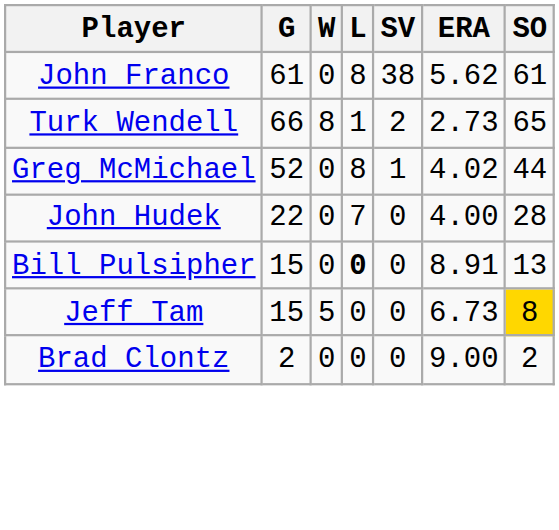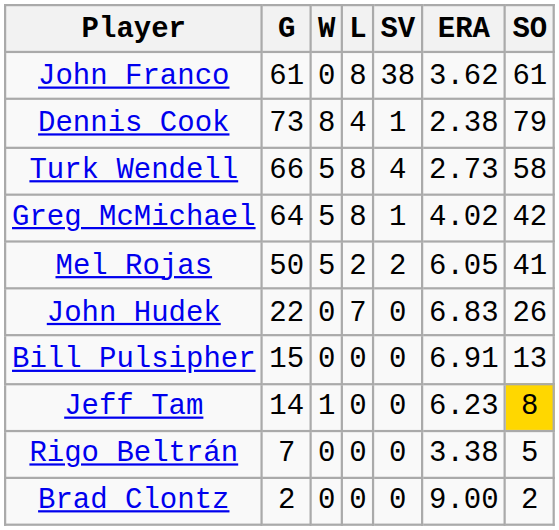 <table class="wikitable sortable">
 <tr>
 <th>Player</th>
 <th>G</th>
 <th>W</th>
 <th>L</th>
 <th>SV</th>
 <th>ERA</th>
 <th>SO</th>
 </tr>
 <tr align="center">
 <td><a href='#'>John Franco</a></td>
 <td>61</td>
 <td>0</td>
 <td>8</td>
 <td>38</td>
-<td>5.62</td>
+<td>3.62</td>
 <td>61</td>
+</tr>
+<tr align=center>
+<td><a href='#'>Dennis Cook</a></td>
+<td>73</td>
+<td>8</td>
+<td>4</td>
+<td>1</td>
+<td>2.38</td>
+<td>79</td>
 </tr>
 <tr align=center>
 <td><a href='#'>Turk Wendell</a></td>
 <td>66</td>
+<td>5</td>
 <td>8</td>
-<td>1</td>
-<td>2</td>
+<td>4</td>
 <td>2.73</td>
-<td>65</td>
+<td>58</td>
 </tr>
 <tr align=center>
 <td><a href='#'>Greg McMichael</a></td>
-<td>52</td>
-<td>0</td>
+<td>64</td>
+<td>5</td>
 <td>8</td>
 <td>1</td>
 <td>4.02</td>
-<td>44</td>
+<td>42</td>
+</tr>
+<tr align=center>
+<td><a href='#'>Mel Rojas</a></td>
+<td>50</td>
+<td>5</td>
+<td>2</td>
+<td>2</td>
+<td>6.05</td>
+<td>41</td>
 </tr>
 <tr align=center>
 <td><a href='#'>John Hudek</a></td>
 <td>22</td>
 <td>0</td>
 <td>7</td>
 <td>0</td>
-<td>4.00</td>
-<td>28</td>
+<td>6.83</td>
+<td>26</td>
 </tr>
 <tr align=center>
 <td><a href='#'>Bill Pulsipher</a></td>
 <td>15</td>
 <td>0</td>
-<td><strong>0</strong></td>
 <td>0</td>
-<td>8.91</td>
+<td>0</td>
+<td>6.91</td>
 <td>13</td>
 </tr>
 <tr align=center>
 <td><a href='#'>Jeff Tam</a></td>
-<td>15</td>
-<td>5</td>
+<td>14</td>
+<td>1</td>
 <td>0</td>
 <td>0</td>
-<td>6.73</td>
+<td>6.23</td>
 <td style="background: gold;">8</td>
+</tr>
+<tr align=center>
+<td><a href='#'>Rigo Beltrán</a></td>
+<td>7</td>
+<td>0</td>
+<td>0</td>
+<td>0</td>
+<td>3.38</td>
+<td>5</td>
 </tr>
 <tr align=center>
 <td><a href='#'>Brad Clontz</a></td>
 <td>2</td>
 <td>0</td>
 <td>0</td>
 <td>0</td>
 <td>9.00</td>
 <td>2</td>
 </tr>
 </table>
